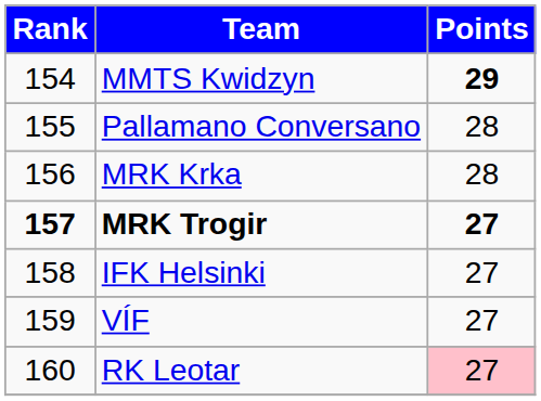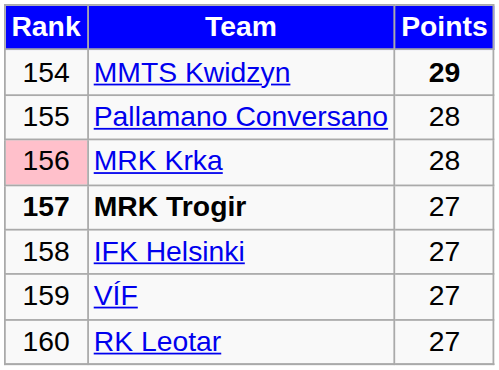 <table class="wikitable" style="text-align: center">
 <tr>
 <th style="color:#FFFFFF; background:#0000FF">Rank</th>
 <th style="color:#FFFFFF; background:#0000FF">Team</th>
 <th style="color:#FFFFFF; background:#0000FF">Points</th>
 </tr>
 <tr>
 <td>154</td>
 <td align=left> <a href='#'>MMTS Kwidzyn</a></td>
 <td><strong>29</strong></td>
 </tr>
 <tr>
 <td>155</td>
 <td align=left> <a href='#'>Pallamano Conversano</a></td>
 <td>28</td>
 </tr>
 <tr>
-<td>156</td>
+<td style="background: pink;">156</td>
 <td align=left> <a href='#'>MRK Krka</a></td>
 <td>28</td>
 </tr>
 <tr>
 <td><strong>157</strong></td>
 <td align=left> <strong>MRK Trogir</strong></td>
-<td><strong>27</strong></td>
+<td>27</td>
 </tr>
 <tr>
 <td>158</td>
 <td align=left> <a href='#'>IFK Helsinki</a></td>
 <td>27</td>
 </tr>
 <tr>
 <td>159</td>
 <td align=left> <a href='#'>VÍF</a></td>
 <td>27</td>
 </tr>
 <tr>
 <td>160</td>
 <td align=left> <a href='#'>RK Leotar</a></td>
-<td style="background: pink;">27</td>
+<td>27</td>
 </tr>
 <tr>
 </tr>
 </table>
